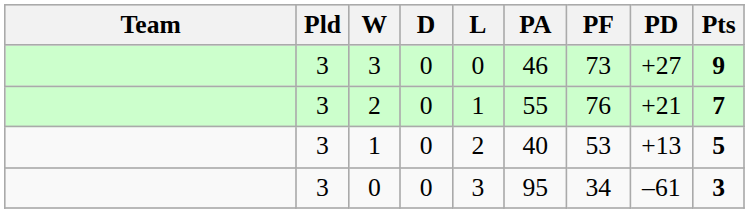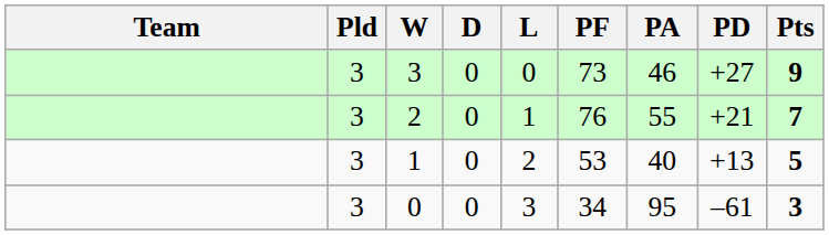 <table class="wikitable" style="text-align:center;">
 <tr>
 <th width=175>Team</th>
 <th width=25 abbr="Played">Pld</th>
 <th width=25 abbr="Won">W</th>
 <th width=25 abbr="Drawn">D</th>
 <th width=25 abbr="Lost">L</th>
+<th width=32 abbr="Points for">PF</th>
 <th width=32 abbr="Points against">PA</th>
-<th width=32 abbr="Points for">PF</th>
 <th width=32 abbr="Points difference">PD</th>
 <th width=25 abbr="Points">Pts</th>
 </tr>
 <tr bgcolor=ccffcc>
 <td align=left></td>
 <td>3</td>
 <td>3</td>
 <td>0</td>
 <td>0</td>
+<td>73</td>
 <td>46</td>
-<td>73</td>
 <td>+27</td>
 <td><strong>9</strong></td>
 </tr>
 <tr bgcolor=ccffcc>
 <td align=left></td>
 <td>3</td>
 <td>2</td>
 <td>0</td>
 <td>1</td>
+<td>76</td>
 <td>55</td>
-<td>76</td>
 <td>+21</td>
 <td><strong>7</strong></td>
 </tr>
 <tr>
 <td align=left></td>
 <td>3</td>
 <td>1</td>
 <td>0</td>
 <td>2</td>
+<td>53</td>
 <td>40</td>
-<td>53</td>
 <td>+13</td>
 <td><strong>5</strong></td>
 </tr>
 <tr>
 <td align=left></td>
 <td>3</td>
 <td>0</td>
 <td>0</td>
 <td>3</td>
+<td>34</td>
 <td>95</td>
-<td>34</td>
 <td>–61</td>
 <td><strong>3</strong></td>
 </tr>
 </table>
